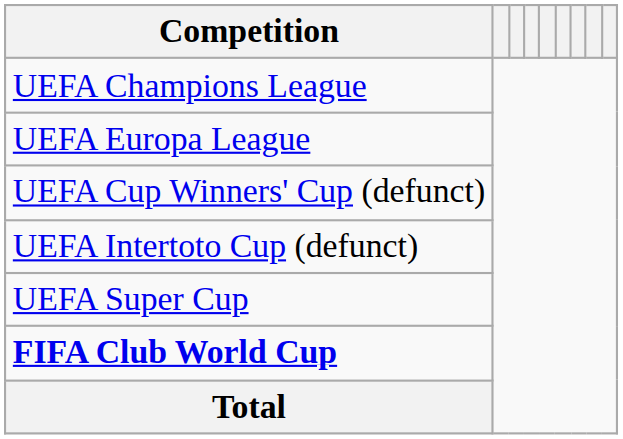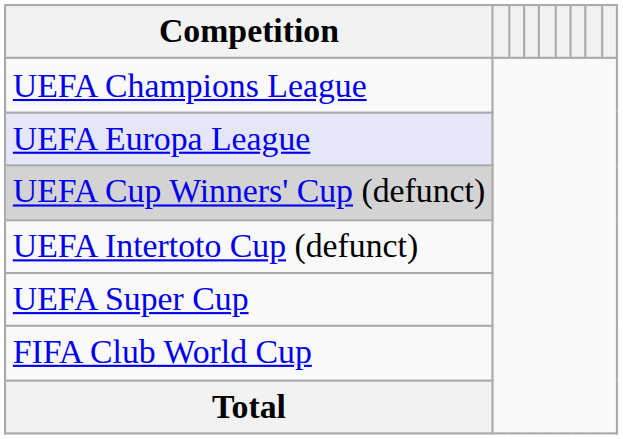 <table class="wikitable plainrowheaders sortable" style="text-align:center">
 <tr>
 <th>Competition</th>
 <th></th>
 <th></th>
 <th></th>
 <th></th>
 <th></th>
 <th></th>
 <th></th>
 <th></th>
 </tr>
 <tr>
 <td align=left><a href='#'>UEFA Champions League</a><br></td>
 </tr>
 <tr>
-<td align=left><a href='#'>UEFA Europa League</a><br></td>
+<td align=left style="background: lavender;"><a href='#'>UEFA Europa League</a><br></td>
 </tr>
 <tr>
-<td align=left><a href='#'>UEFA Cup Winners' Cup</a> (defunct)<br></td>
+<td align=left style="background: lightgrey;"><a href='#'>UEFA Cup Winners' Cup</a> (defunct)<br></td>
 </tr>
 <tr>
 <td align=left><a href='#'>UEFA Intertoto Cup</a> (defunct)<br></td>
 </tr>
 <tr>
 <td align=left><a href='#'>UEFA Super Cup</a><br></td>
 </tr>
 <tr>
-<td align=left><strong><a href='#'>FIFA Club World Cup</a><br></strong></td>
+<td align=left><a href='#'>FIFA Club World Cup</a><br></td>
 </tr>
 <tr class=sortbottom>
 <th scope=row><strong>Total</strong><br></th>
 </tr>
 </table>
